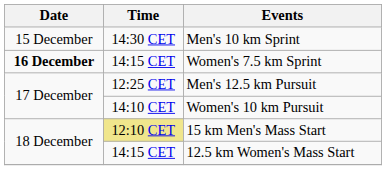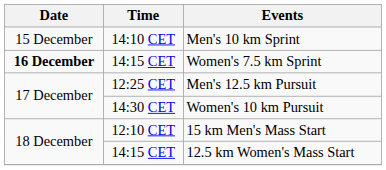 <table class="wikitable" style="text-align: center" width="420">
 <tr>
 <th>Date</th>
 <th>Time</th>
 <th>Events</th>
 </tr>
 <tr>
 <td>15 December</td>
-<td>14:30 <a href='#'>CET</a></td>
+<td>14:10 <a href='#'>CET</a></td>
 <td style="text-align: left">Men's 10 km Sprint</td>
 </tr>
 <tr>
 <td><strong>16 December</strong></td>
 <td>14:15 <a href='#'>CET</a></td>
 <td style="text-align: left">Women's 7.5 km Sprint</td>
 </tr>
 <tr>
 <td rowspan=2>17 December</td>
 <td>12:25 <a href='#'>CET</a></td>
 <td style="text-align: left">Men's 12.5 km Pursuit</td>
 </tr>
 <tr>
-<td>14:10 <a href='#'>CET</a></td>
+<td>14:30 <a href='#'>CET</a></td>
 <td style="text-align: left">Women's 10 km Pursuit</td>
 </tr>
 <tr>
 <td rowspan=2>18 December</td>
-<td style="background: khaki;">12:10 <a href='#'>CET</a></td>
+<td>12:10 <a href='#'>CET</a></td>
 <td style="text-align: left">15 km Men's Mass Start</td>
 </tr>
 <tr>
 <td>14:15 <a href='#'>CET</a></td>
 <td style="text-align: left">12.5 km Women's Mass Start</td>
 </tr>
 <tr>
 </tr>
 </table>
